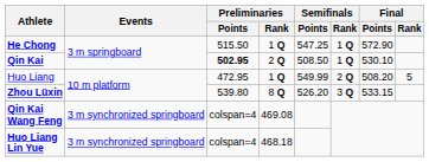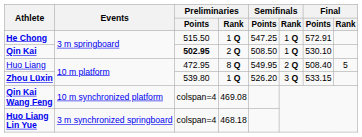 <table class=wikitable style="font-size:90%">
 <tr>
 <th rowspan="2">Athlete</th>
 <th rowspan="2">Events</th>
 <th colspan="2">Preliminaries</th>
 <th colspan="2">Semifinals</th>
 <th colspan="2">Final</th>
 </tr>
 <tr style="font-size:95%">
 <th>Points</th>
 <th>Rank</th>
 <th>Points</th>
 <th>Rank</th>
 <th>Points</th>
 <th>Rank</th>
 </tr>
 <tr align=center>
 <td align=left><strong><a href='#'>He Chong</a></strong></td>
 <td align=left rowspan=2><a href='#'>3 m springboard</a></td>
 <td>515.50</td>
 <td>1 <strong>Q</strong></td>
 <td>547.25</td>
 <td>1 <strong>Q</strong></td>
-<td>572.90</td>
+<td>572.91</td>
 <td></td>
 </tr>
 <tr align=center>
 <td align=left><strong><a href='#'>Qin Kai</a></strong></td>
 <td><strong>502.95</strong></td>
 <td>2 <strong>Q</strong></td>
 <td>508.50</td>
 <td>1 <strong>Q</strong></td>
 <td>530.10</td>
 <td></td>
 </tr>
 <tr align=center>
 <td align=left><a href='#'>Huo Liang</a></td>
 <td align=left rowspan=2><a href='#'>10 m platform</a></td>
 <td>472.95</td>
-<td>1 <strong>Q</strong></td>
-<td>549.99</td>
+<td>8 <strong>Q</strong></td>
+<td>549.95</td>
 <td>2 <strong>Q</strong></td>
-<td>508.20</td>
+<td>508.40</td>
 <td>5</td>
 </tr>
 <tr align=center>
 <td align=left><strong><a href='#'>Zhou Lüxin</a></strong></td>
 <td>539.80</td>
-<td>8 <strong>Q</strong></td>
+<td>1 <strong>Q</strong></td>
 <td>526.20</td>
 <td>3 <strong>Q</strong></td>
 <td>533.15</td>
 <td></td>
 </tr>
 <tr align=center>
 <td align=left><strong><a href='#'>Qin Kai</a></strong><br><strong><a href='#'>Wang Feng</a></strong></td>
-<td align=left><a href='#'>3 m synchronized springboard</a></td>
+<td align=left><a href='#'>10 m synchronized platform</a></td>
 <td>colspan=4 </td>
 <td>469.08</td>
 <td></td>
 </tr>
 <tr align=center>
 <td align=left><strong><a href='#'>Huo Liang</a></strong><br><strong><a href='#'>Lin Yue</a></strong></td>
 <td align=left><a href='#'>3 m synchronized springboard</a></td>
 <td>colspan=4 </td>
 <td>468.18</td>
 <td></td>
 </tr>
 </table>
